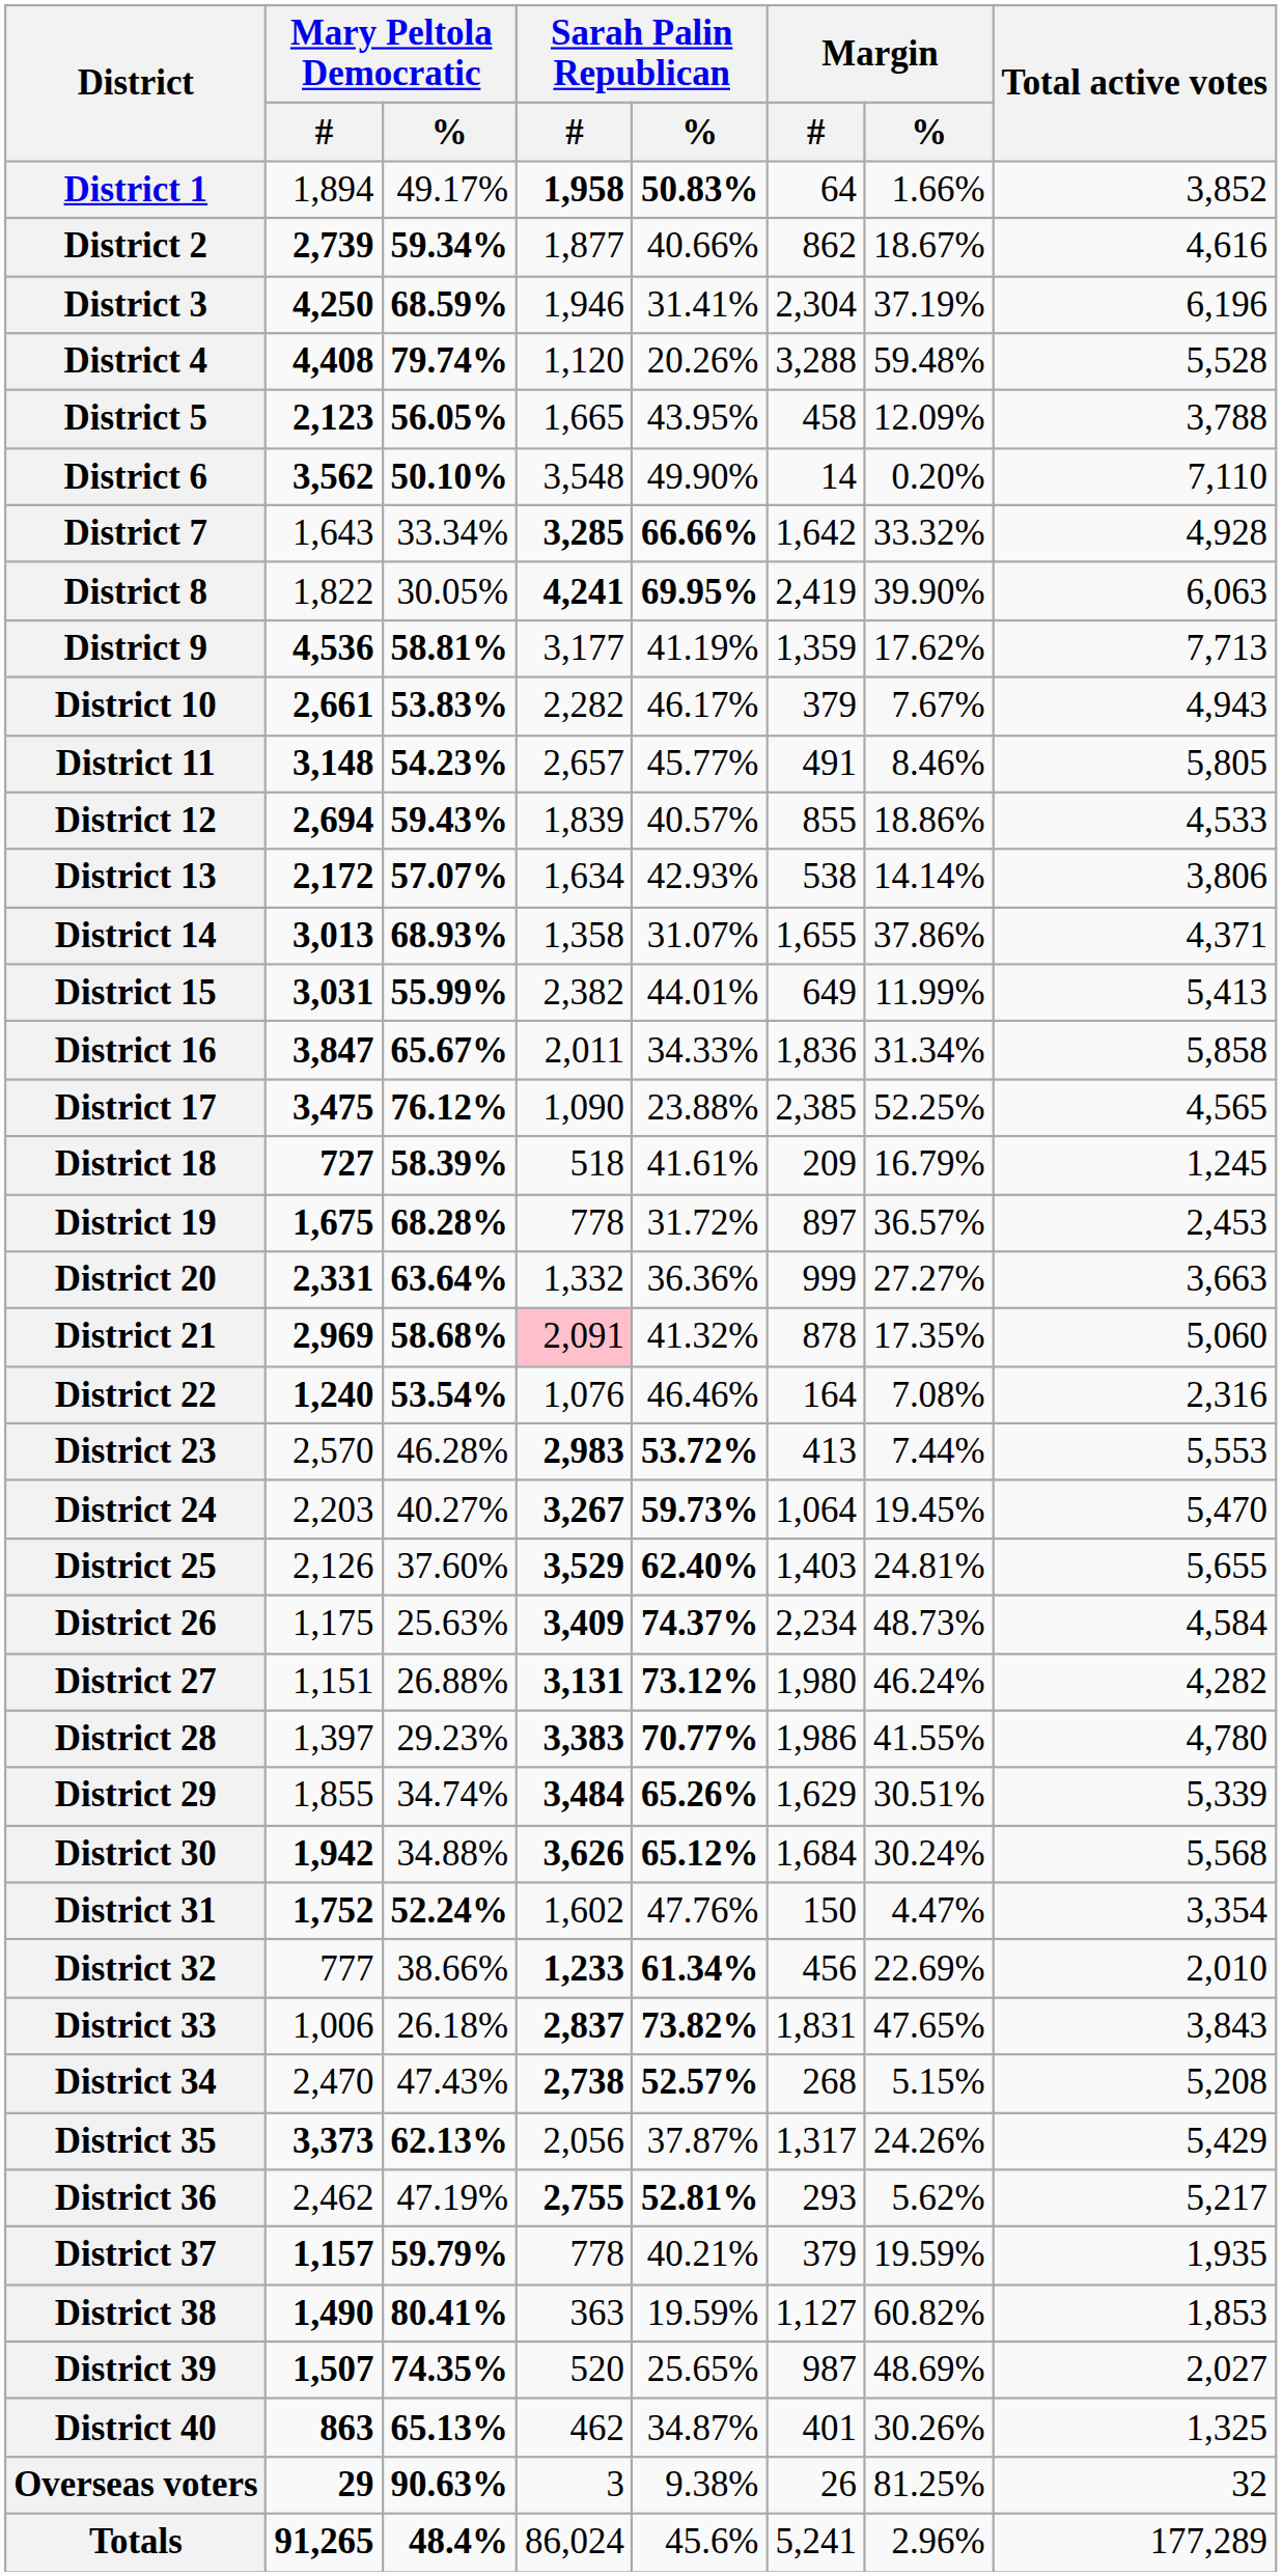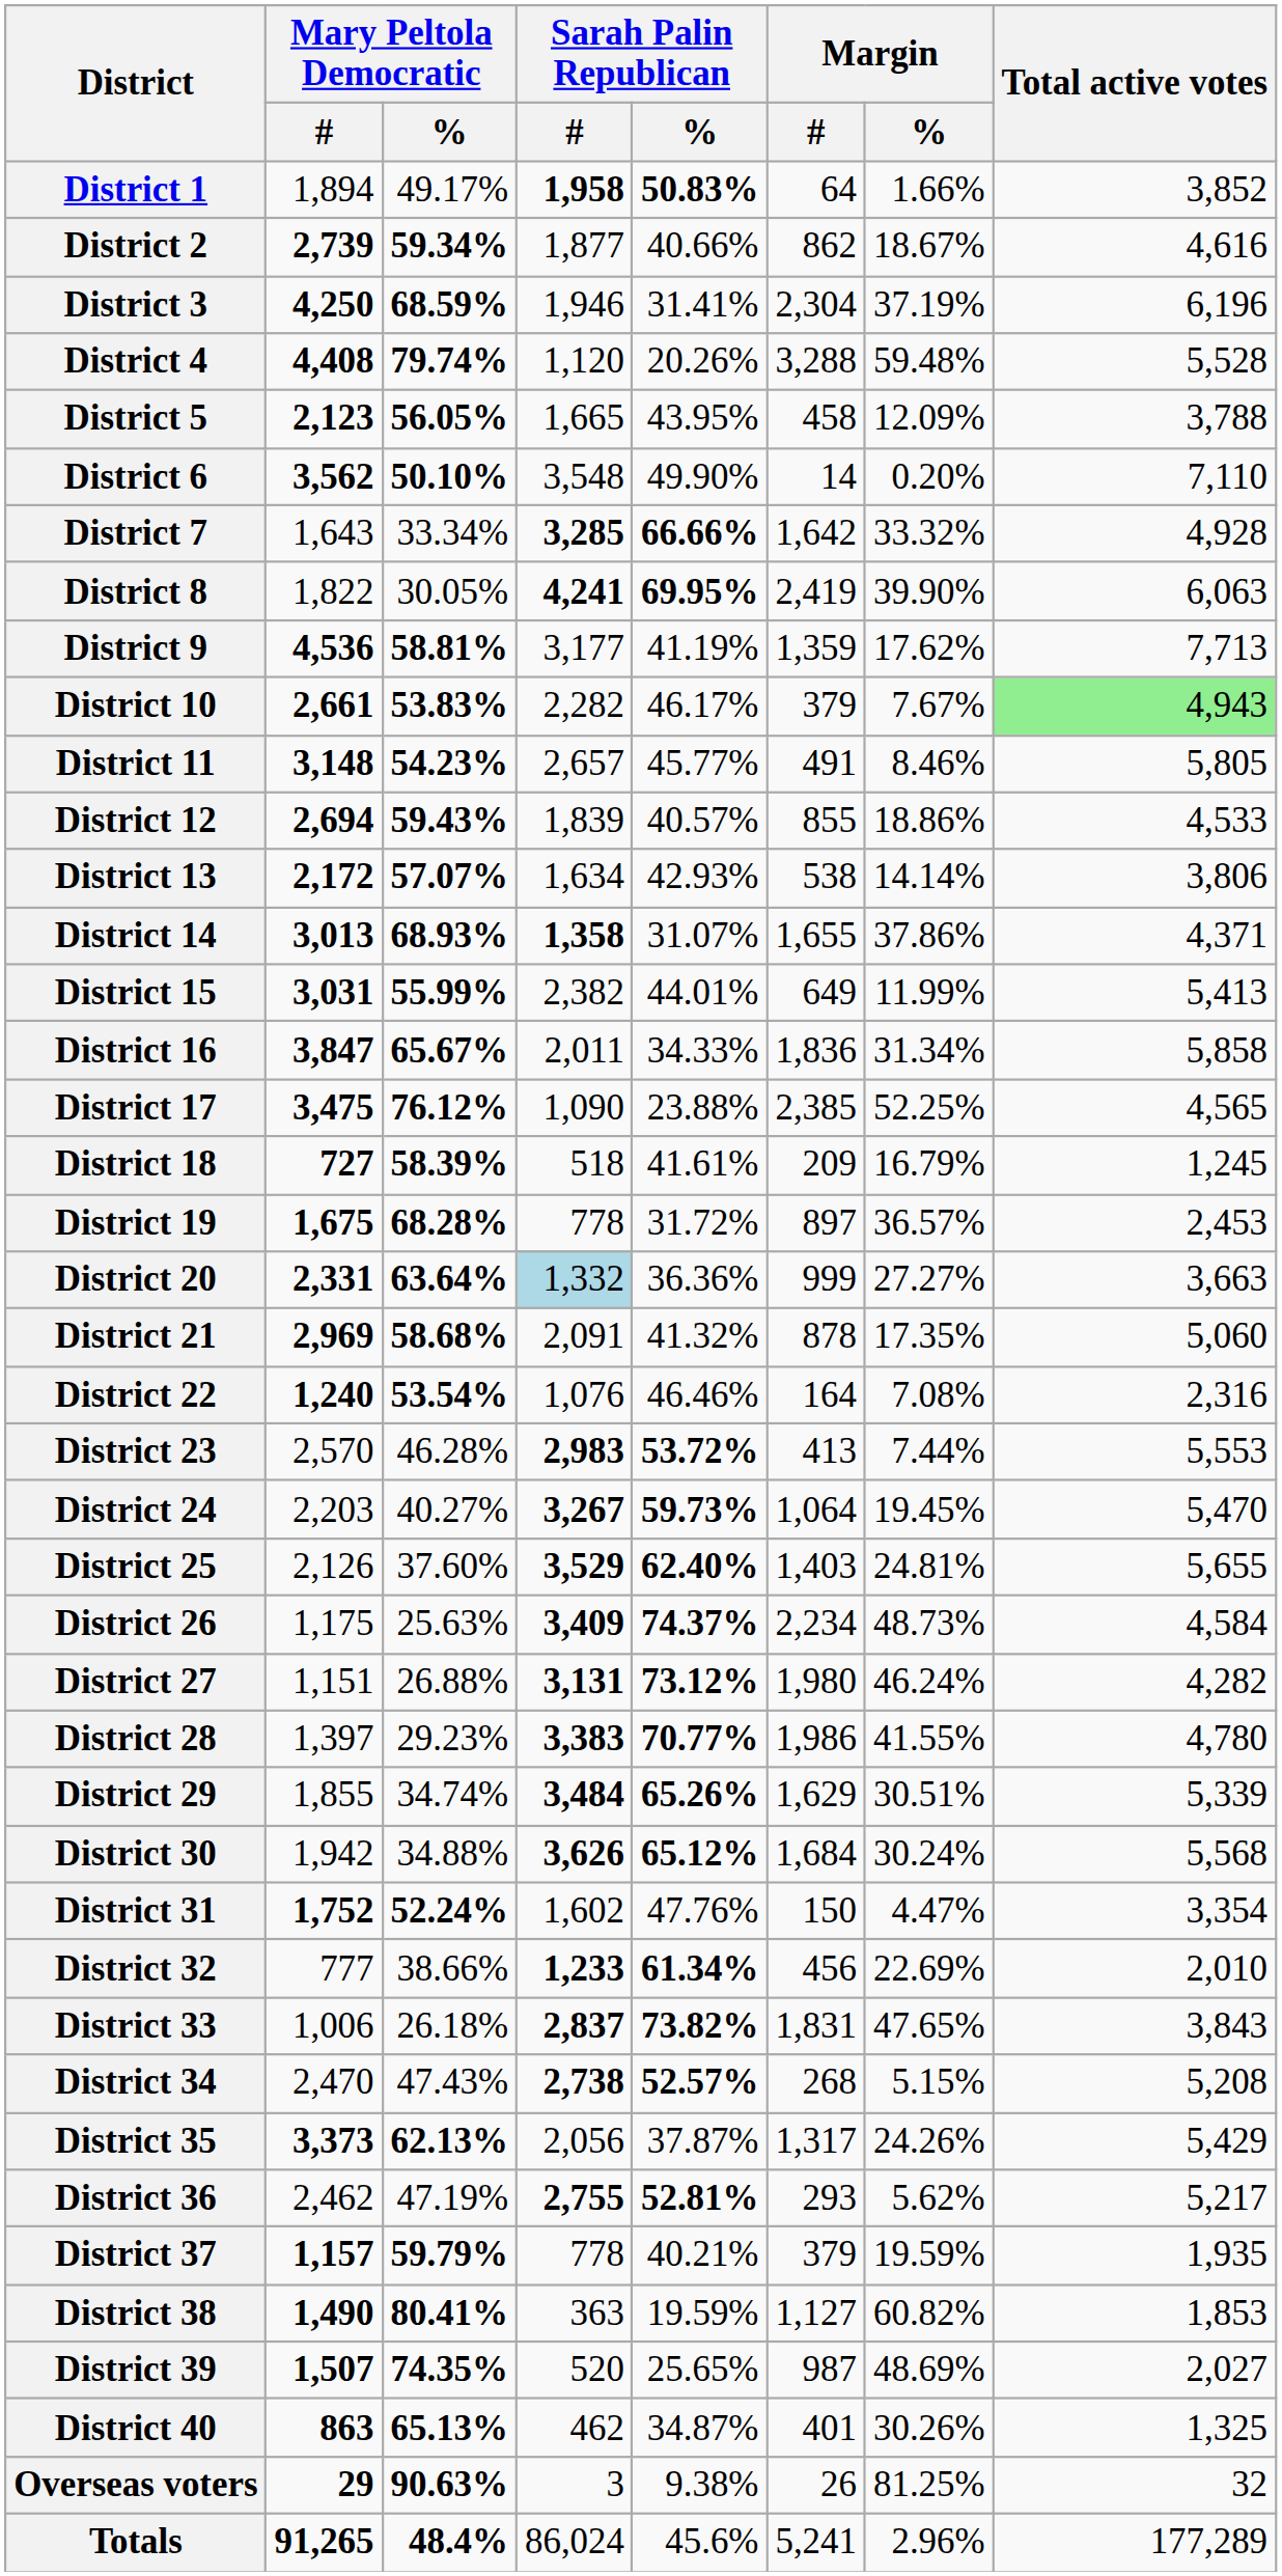 <table class="wikitable sortable"  style="text-align:right">
 <tr>
 <th rowspan="2">District</th>
 <th colspan="2"><a href='#'>Mary Peltola</a><br><a href='#'>Democratic</a></th>
 <th colspan="2"><a href='#'>Sarah Palin</a><br><a href='#'>Republican</a></th>
 <th colspan="2">Margin</th>
 <th rowspan="2">Total active votes</th>
 </tr>
 <tr>
 <th data-sort-type="number">#</th>
 <th data-sort-type="number">%</th>
 <th data-sort-type="number">#</th>
 <th data-sort-type="number">%</th>
 <th data-sort-type="number">#</th>
 <th data-sort-type="number">%</th>
 </tr>
 <tr>
 <th><a href='#'>District 1</a></th>
 <td>1,894</td>
 <td>49.17%</td>
 <td><strong>1,958</strong></td>
 <td><strong>50.83%</strong></td>
 <td>64</td>
 <td>1.66%</td>
 <td>3,852</td>
 </tr>
 <tr>
 <th>District 2</th>
 <td><strong>2,739</strong></td>
 <td><strong>59.34%</strong></td>
 <td>1,877</td>
 <td>40.66%</td>
 <td>862</td>
 <td>18.67%</td>
 <td>4,616</td>
 </tr>
 <tr>
 <th>District 3</th>
 <td><strong>4,250</strong></td>
 <td><strong>68.59%</strong></td>
 <td>1,946</td>
 <td>31.41%</td>
 <td>2,304</td>
 <td>37.19%</td>
 <td>6,196</td>
 </tr>
 <tr>
 <th>District 4</th>
 <td><strong>4,408</strong></td>
 <td><strong>79.74%</strong></td>
 <td>1,120</td>
 <td>20.26%</td>
 <td>3,288</td>
 <td>59.48%</td>
 <td>5,528</td>
 </tr>
 <tr>
 <th>District 5</th>
 <td><strong>2,123</strong></td>
 <td><strong>56.05%</strong></td>
 <td>1,665</td>
 <td>43.95%</td>
 <td>458</td>
 <td>12.09%</td>
 <td>3,788</td>
 </tr>
 <tr>
 <th>District 6</th>
 <td><strong>3,562</strong></td>
 <td><strong>50.10%</strong></td>
 <td>3,548</td>
 <td>49.90%</td>
 <td>14</td>
 <td>0.20%</td>
 <td>7,110</td>
 </tr>
 <tr>
 <th>District 7</th>
 <td>1,643</td>
 <td>33.34%</td>
 <td><strong>3,285</strong></td>
 <td><strong>66.66%</strong></td>
 <td>1,642</td>
 <td>33.32%</td>
 <td>4,928</td>
 </tr>
 <tr>
 <th>District 8</th>
 <td>1,822</td>
 <td>30.05%</td>
 <td><strong>4,241</strong></td>
 <td><strong>69.95%</strong></td>
 <td>2,419</td>
 <td>39.90%</td>
 <td>6,063</td>
 </tr>
 <tr>
 <th>District 9</th>
 <td><strong>4,536</strong></td>
 <td><strong>58.81%</strong></td>
 <td>3,177</td>
 <td>41.19%</td>
 <td>1,359</td>
 <td>17.62%</td>
 <td>7,713</td>
 </tr>
 <tr>
 <th>District 10</th>
 <td><strong>2,661</strong></td>
 <td><strong>53.83%</strong></td>
 <td>2,282</td>
 <td>46.17%</td>
 <td>379</td>
 <td>7.67%</td>
-<td>4,943</td>
+<td style="background: lightgreen;">4,943</td>
 </tr>
 <tr>
 <th>District 11</th>
 <td><strong>3,148</strong></td>
 <td><strong>54.23%</strong></td>
 <td>2,657</td>
 <td>45.77%</td>
 <td>491</td>
 <td>8.46%</td>
 <td>5,805</td>
 </tr>
 <tr>
 <th>District 12</th>
 <td><strong>2,694</strong></td>
 <td><strong>59.43%</strong></td>
 <td>1,839</td>
 <td>40.57%</td>
 <td>855</td>
 <td>18.86%</td>
 <td>4,533</td>
 </tr>
 <tr>
 <th>District 13</th>
 <td><strong>2,172</strong></td>
 <td><strong>57.07%</strong></td>
 <td>1,634</td>
 <td>42.93%</td>
 <td>538</td>
 <td>14.14%</td>
 <td>3,806</td>
 </tr>
 <tr>
 <th>District 14</th>
 <td><strong>3,013</strong></td>
 <td><strong>68.93%</strong></td>
-<td>1,358</td>
+<td><strong>1,358</strong></td>
 <td>31.07%</td>
 <td>1,655</td>
 <td>37.86%</td>
 <td>4,371</td>
 </tr>
 <tr>
 <th>District 15</th>
 <td><strong>3,031</strong></td>
 <td><strong>55.99%</strong></td>
 <td>2,382</td>
 <td>44.01%</td>
 <td>649</td>
 <td>11.99%</td>
 <td>5,413</td>
 </tr>
 <tr>
 <th>District 16</th>
 <td><strong>3,847</strong></td>
 <td><strong>65.67%</strong></td>
 <td>2,011</td>
 <td>34.33%</td>
 <td>1,836</td>
 <td>31.34%</td>
 <td>5,858</td>
 </tr>
 <tr>
 <th>District 17</th>
 <td><strong>3,475</strong></td>
 <td><strong>76.12%</strong></td>
 <td>1,090</td>
 <td>23.88%</td>
 <td>2,385</td>
 <td>52.25%</td>
 <td>4,565</td>
 </tr>
 <tr>
 <th>District 18</th>
 <td><strong>727</strong></td>
 <td><strong>58.39%</strong></td>
 <td>518</td>
 <td>41.61%</td>
 <td>209</td>
 <td>16.79%</td>
 <td>1,245</td>
 </tr>
 <tr>
 <th>District 19</th>
 <td><strong>1,675</strong></td>
 <td><strong>68.28%</strong></td>
 <td>778</td>
 <td>31.72%</td>
 <td>897</td>
 <td>36.57%</td>
 <td>2,453</td>
 </tr>
 <tr>
 <th>District 20</th>
 <td><strong>2,331</strong></td>
 <td><strong>63.64%</strong></td>
-<td>1,332</td>
+<td style="background: lightblue;">1,332</td>
 <td>36.36%</td>
 <td>999</td>
 <td>27.27%</td>
 <td>3,663</td>
 </tr>
 <tr>
 <th>District 21</th>
 <td><strong>2,969</strong></td>
 <td><strong>58.68%</strong></td>
-<td style="background: pink;">2,091</td>
+<td>2,091</td>
 <td>41.32%</td>
 <td>878</td>
 <td>17.35%</td>
 <td>5,060</td>
 </tr>
 <tr>
 <th>District 22</th>
 <td><strong>1,240</strong></td>
 <td><strong>53.54%</strong></td>
 <td>1,076</td>
 <td>46.46%</td>
 <td>164</td>
 <td>7.08%</td>
 <td>2,316</td>
 </tr>
 <tr>
 <th>District 23</th>
 <td>2,570</td>
 <td>46.28%</td>
 <td><strong>2,983</strong></td>
 <td><strong>53.72%</strong></td>
 <td>413</td>
 <td>7.44%</td>
 <td>5,553</td>
 </tr>
 <tr>
 <th>District 24</th>
 <td>2,203</td>
 <td>40.27%</td>
 <td><strong>3,267</strong></td>
 <td><strong>59.73%</strong></td>
 <td>1,064</td>
 <td>19.45%</td>
 <td>5,470</td>
 </tr>
 <tr>
 <th>District 25</th>
 <td>2,126</td>
 <td>37.60%</td>
 <td><strong>3,529</strong></td>
 <td><strong>62.40%</strong></td>
 <td>1,403</td>
 <td>24.81%</td>
 <td>5,655</td>
 </tr>
 <tr>
 <th>District 26</th>
 <td>1,175</td>
 <td>25.63%</td>
 <td><strong>3,409</strong></td>
 <td><strong>74.37%</strong></td>
 <td>2,234</td>
 <td>48.73%</td>
 <td>4,584</td>
 </tr>
 <tr>
 <th>District 27</th>
 <td>1,151</td>
 <td>26.88%</td>
 <td><strong>3,131</strong></td>
 <td><strong>73.12%</strong></td>
 <td>1,980</td>
 <td>46.24%</td>
 <td>4,282</td>
 </tr>
 <tr>
 <th>District 28</th>
 <td>1,397</td>
 <td>29.23%</td>
 <td><strong>3,383</strong></td>
 <td><strong>70.77%</strong></td>
 <td>1,986</td>
 <td>41.55%</td>
 <td>4,780</td>
 </tr>
 <tr>
 <th>District 29</th>
 <td>1,855</td>
 <td>34.74%</td>
 <td><strong>3,484</strong></td>
 <td><strong>65.26%</strong></td>
 <td>1,629</td>
 <td>30.51%</td>
 <td>5,339</td>
 </tr>
 <tr>
 <th>District 30</th>
-<td><strong>1,942</strong></td>
+<td>1,942</td>
 <td>34.88%</td>
 <td><strong>3,626</strong></td>
 <td><strong>65.12%</strong></td>
 <td>1,684</td>
 <td>30.24%</td>
 <td>5,568</td>
 </tr>
 <tr>
 <th>District 31</th>
 <td><strong>1,752</strong></td>
 <td><strong>52.24%</strong></td>
 <td>1,602</td>
 <td>47.76%</td>
 <td>150</td>
 <td>4.47%</td>
 <td>3,354</td>
 </tr>
 <tr>
 <th>District 32</th>
 <td>777</td>
 <td>38.66%</td>
 <td><strong>1,233</strong></td>
 <td><strong>61.34%</strong></td>
 <td>456</td>
 <td>22.69%</td>
 <td>2,010</td>
 </tr>
 <tr>
 <th>District 33</th>
 <td>1,006</td>
 <td>26.18%</td>
 <td><strong>2,837</strong></td>
 <td><strong>73.82%</strong></td>
 <td>1,831</td>
 <td>47.65%</td>
 <td>3,843</td>
 </tr>
 <tr>
 <th>District 34</th>
 <td>2,470</td>
 <td>47.43%</td>
 <td><strong>2,738</strong></td>
 <td><strong>52.57%</strong></td>
 <td>268</td>
 <td>5.15%</td>
 <td>5,208</td>
 </tr>
 <tr>
 <th>District 35</th>
 <td><strong>3,373</strong></td>
 <td><strong>62.13%</strong></td>
 <td>2,056</td>
 <td>37.87%</td>
 <td>1,317</td>
 <td>24.26%</td>
 <td>5,429</td>
 </tr>
 <tr>
 <th>District 36</th>
 <td>2,462</td>
 <td>47.19%</td>
 <td><strong>2,755</strong></td>
 <td><strong>52.81%</strong></td>
 <td>293</td>
 <td>5.62%</td>
 <td>5,217</td>
 </tr>
 <tr>
 <th>District 37</th>
 <td><strong>1,157</strong></td>
 <td><strong>59.79%</strong></td>
 <td>778</td>
 <td>40.21%</td>
 <td>379</td>
 <td>19.59%</td>
 <td>1,935</td>
 </tr>
 <tr>
 <th>District 38</th>
 <td><strong>1,490</strong></td>
 <td><strong>80.41%</strong></td>
 <td>363</td>
 <td>19.59%</td>
 <td>1,127</td>
 <td>60.82%</td>
 <td>1,853</td>
 </tr>
 <tr>
 <th>District 39</th>
 <td><strong>1,507</strong></td>
 <td><strong>74.35%</strong></td>
 <td>520</td>
 <td>25.65%</td>
 <td>987</td>
 <td>48.69%</td>
 <td>2,027</td>
 </tr>
 <tr>
 <th>District 40</th>
 <td><strong>863</strong></td>
 <td><strong>65.13%</strong></td>
 <td>462</td>
 <td>34.87%</td>
 <td>401</td>
 <td>30.26%</td>
 <td>1,325</td>
 </tr>
 <tr>
 <th>Overseas voters</th>
 <td><strong>29</strong></td>
 <td><strong>90.63%</strong></td>
 <td>3</td>
 <td>9.38%</td>
 <td>26</td>
 <td>81.25%</td>
 <td>32</td>
 </tr>
 <tr class="sortbottom">
 <th>Totals</th>
 <td><strong>91,265</strong></td>
 <td><strong>48.4%</strong></td>
 <td>86,024</td>
 <td>45.6%</td>
 <td>5,241</td>
 <td>2.96%</td>
 <td>177,289</td>
 </tr>
 </table>
